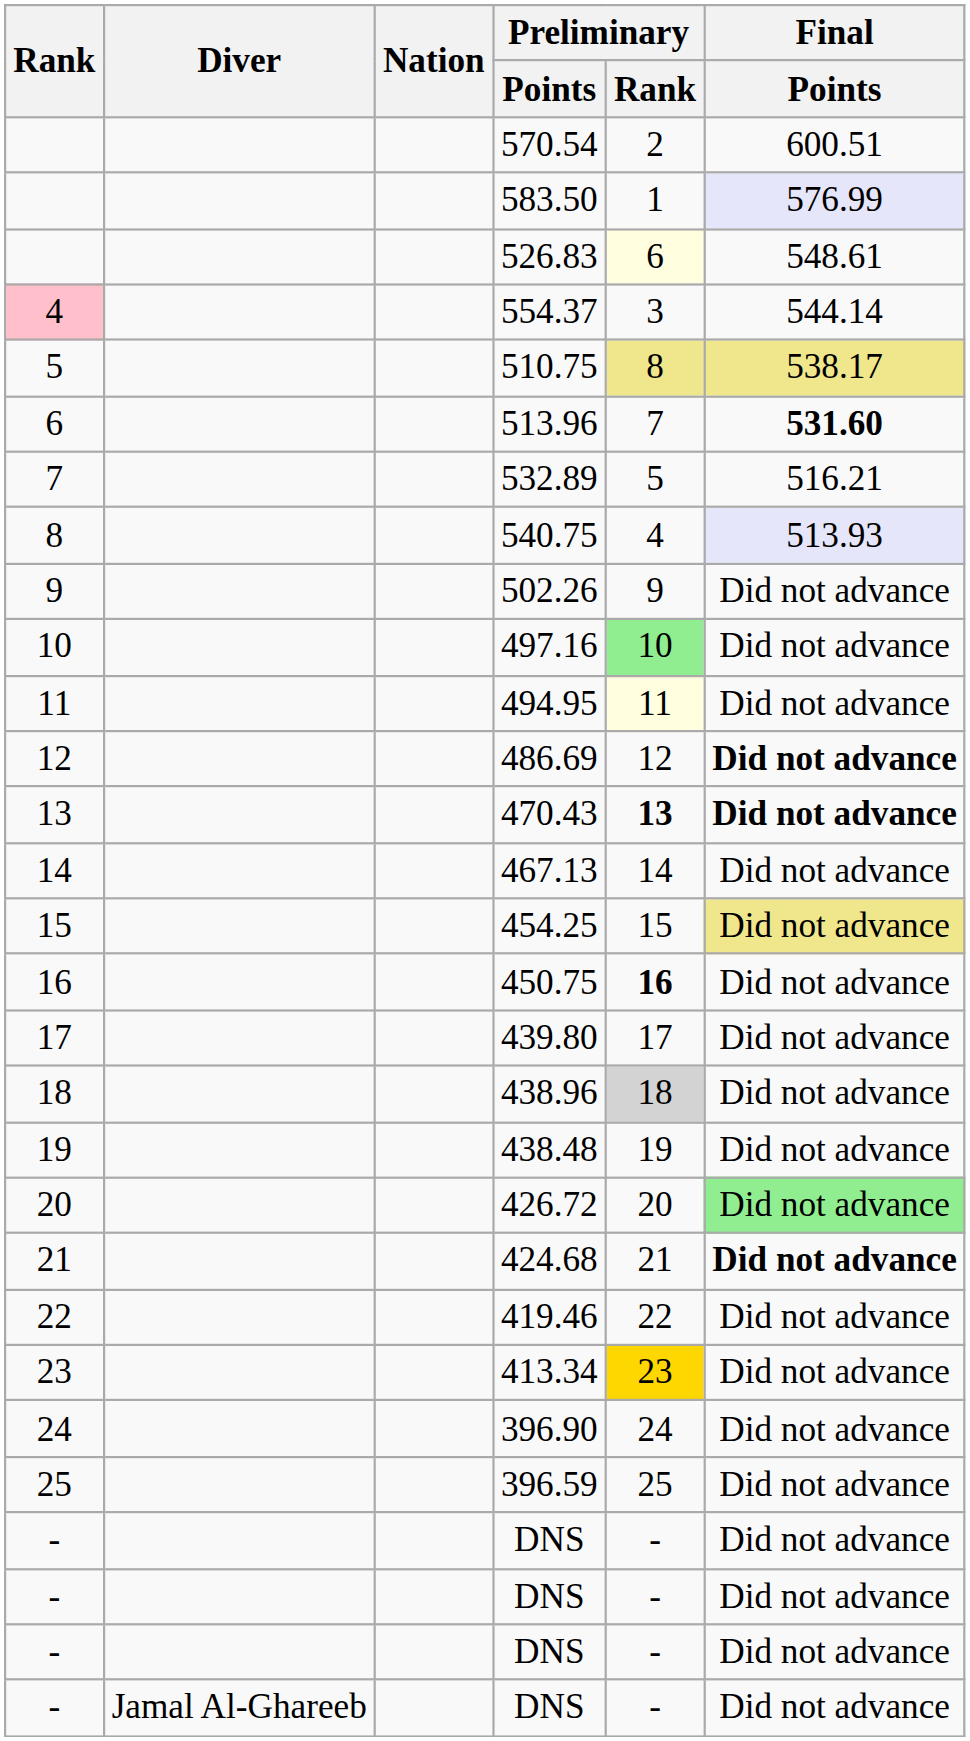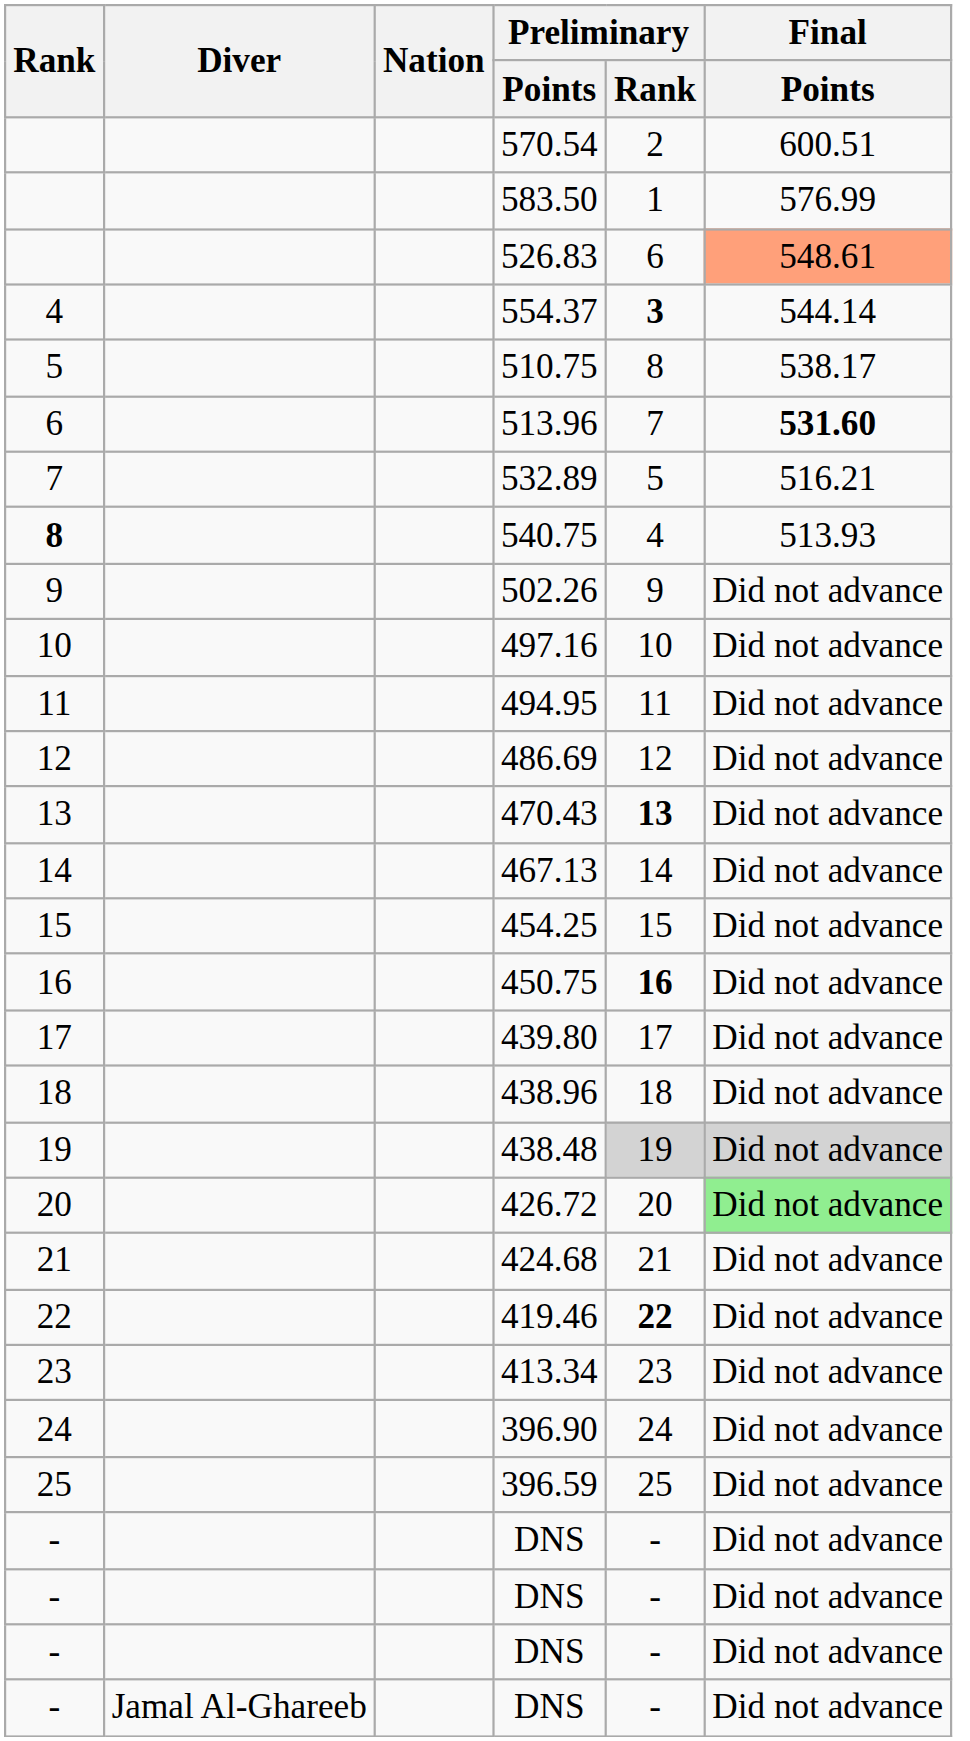 <table class="wikitable sortable" style="text-align:center;">
 <tr>
 <th rowspan=2>Rank</th>
 <th rowspan=2>Diver</th>
 <th rowspan=2>Nation</th>
 <th colspan=2>Preliminary</th>
 <th>Final</th>
 </tr>
 <tr>
 <th>Points</th>
 <th>Rank</th>
 <th>Points</th>
 </tr>
 <tr>
 <td></td>
 <td align=left></td>
 <td align=left></td>
 <td>570.54</td>
 <td>2</td>
 <td>600.51</td>
 </tr>
 <tr>
 <td></td>
 <td align=left></td>
 <td align=left></td>
 <td>583.50</td>
 <td>1</td>
-<td style="background: lavender;">576.99</td>
+<td>576.99</td>
 </tr>
 <tr>
 <td></td>
 <td align=left></td>
 <td align=left></td>
 <td>526.83</td>
-<td style="background: lightyellow;">6</td>
-<td>548.61</td>
+<td>6</td>
+<td style="background: lightsalmon;">548.61</td>
 </tr>
 <tr>
-<td style="background: pink;">4</td>
+<td>4</td>
 <td align=left></td>
 <td align=left></td>
 <td>554.37</td>
-<td>3</td>
+<td><strong>3</strong></td>
 <td>544.14</td>
 </tr>
 <tr>
 <td>5</td>
 <td align=left></td>
 <td align=left></td>
 <td>510.75</td>
-<td style="background: khaki;">8</td>
-<td style="background: khaki;">538.17</td>
+<td>8</td>
+<td>538.17</td>
 </tr>
 <tr>
 <td>6</td>
 <td align=left></td>
 <td align=left></td>
 <td>513.96</td>
 <td>7</td>
 <td><strong>531.60</strong></td>
 </tr>
 <tr>
 <td>7</td>
 <td align=left></td>
 <td align=left></td>
 <td>532.89</td>
 <td>5</td>
 <td>516.21</td>
 </tr>
 <tr>
-<td>8</td>
+<td><strong>8</strong></td>
 <td align=left></td>
 <td align=left></td>
 <td>540.75</td>
 <td>4</td>
-<td style="background: lavender;">513.93</td>
+<td>513.93</td>
 </tr>
 <tr>
 <td>9</td>
 <td align=left></td>
 <td align=left></td>
 <td>502.26</td>
 <td>9</td>
 <td>Did not advance</td>
 </tr>
 <tr>
 <td>10</td>
 <td align=left></td>
 <td align=left></td>
 <td>497.16</td>
-<td style="background: lightgreen;">10</td>
+<td>10</td>
 <td>Did not advance</td>
 </tr>
 <tr>
 <td>11</td>
 <td align=left></td>
 <td align=left></td>
 <td>494.95</td>
-<td style="background: lightyellow;">11</td>
+<td>11</td>
 <td>Did not advance</td>
 </tr>
 <tr>
 <td>12</td>
 <td align=left></td>
 <td align=left></td>
 <td>486.69</td>
 <td>12</td>
-<td><strong>Did not advance</strong></td>
+<td>Did not advance</td>
 </tr>
 <tr>
 <td>13</td>
 <td align=left></td>
 <td align=left></td>
 <td>470.43</td>
 <td><strong>13</strong></td>
-<td><strong>Did not advance</strong></td>
+<td>Did not advance</td>
 </tr>
 <tr>
 <td>14</td>
 <td align=left></td>
 <td align=left></td>
 <td>467.13</td>
 <td>14</td>
 <td>Did not advance</td>
 </tr>
 <tr>
 <td>15</td>
 <td align=left></td>
 <td align=left></td>
 <td>454.25</td>
 <td>15</td>
-<td style="background: khaki;">Did not advance</td>
+<td>Did not advance</td>
 </tr>
 <tr>
 <td>16</td>
 <td align=left></td>
 <td align=left></td>
 <td>450.75</td>
 <td><strong>16</strong></td>
 <td>Did not advance</td>
 </tr>
 <tr>
 <td>17</td>
 <td align=left></td>
 <td align=left></td>
 <td>439.80</td>
 <td>17</td>
 <td>Did not advance</td>
 </tr>
 <tr>
 <td>18</td>
 <td align=left></td>
 <td align=left></td>
 <td>438.96</td>
-<td style="background: lightgrey;">18</td>
+<td>18</td>
 <td>Did not advance</td>
 </tr>
 <tr>
 <td>19</td>
 <td align=left></td>
 <td align=left></td>
 <td>438.48</td>
-<td>19</td>
-<td>Did not advance</td>
+<td style="background: lightgrey;">19</td>
+<td style="background: lightgrey;">Did not advance</td>
 </tr>
 <tr>
 <td>20</td>
 <td align=left></td>
 <td align=left></td>
 <td>426.72</td>
 <td>20</td>
 <td style="background: lightgreen;">Did not advance</td>
 </tr>
 <tr>
 <td>21</td>
 <td align=left></td>
 <td align=left></td>
 <td>424.68</td>
 <td>21</td>
-<td><strong>Did not advance</strong></td>
+<td>Did not advance</td>
 </tr>
 <tr>
 <td>22</td>
 <td align=left></td>
 <td align=left></td>
 <td>419.46</td>
-<td>22</td>
+<td><strong>22</strong></td>
 <td>Did not advance</td>
 </tr>
 <tr>
 <td>23</td>
 <td align=left></td>
 <td align=left></td>
 <td>413.34</td>
-<td style="background: gold;">23</td>
+<td>23</td>
 <td>Did not advance</td>
 </tr>
 <tr>
 <td>24</td>
 <td align=left></td>
 <td align=left></td>
 <td>396.90</td>
 <td>24</td>
 <td>Did not advance</td>
 </tr>
 <tr>
 <td>25</td>
 <td align=left></td>
 <td align=left></td>
 <td>396.59</td>
 <td>25</td>
 <td>Did not advance</td>
 </tr>
 <tr>
 <td>-</td>
 <td align=left></td>
 <td align=left></td>
 <td>DNS</td>
 <td>-</td>
 <td>Did not advance</td>
 </tr>
 <tr>
 <td>-</td>
 <td align=left></td>
 <td align=left></td>
 <td>DNS</td>
 <td>-</td>
 <td>Did not advance</td>
 </tr>
 <tr>
 <td>-</td>
 <td align=left></td>
 <td align=left></td>
 <td>DNS</td>
 <td>-</td>
 <td>Did not advance</td>
 </tr>
 <tr>
 <td>-</td>
 <td align=left>Jamal Al-Ghareeb</td>
 <td align=left></td>
 <td>DNS</td>
 <td>-</td>
 <td>Did not advance</td>
 </tr>
 </table>
